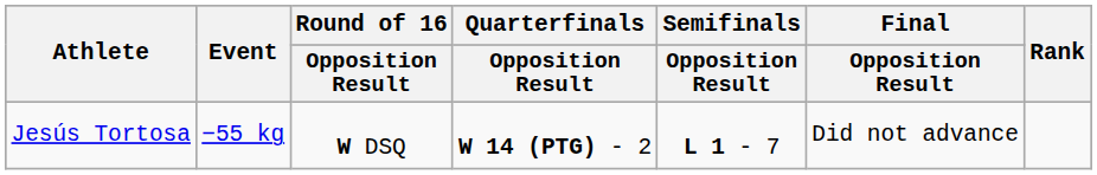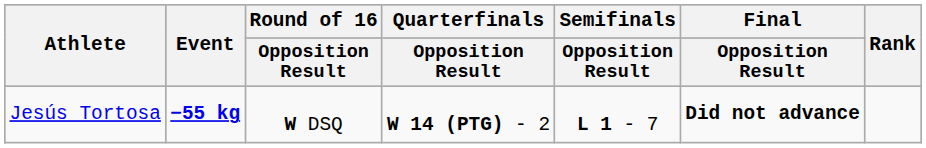 <table class="wikitable" style="font-size:90%;">
 <tr>
 <th rowspan=2>Athlete</th>
 <th rowspan=2>Event</th>
 <th>Round of 16</th>
 <th>Quarterfinals</th>
 <th>Semifinals</th>
 <th>Final</th>
 <th rowspan=2>Rank</th>
 </tr>
 <tr style="font-size:95%">
 <th>Opposition<br>Result</th>
 <th>Opposition<br>Result</th>
 <th>Opposition<br>Result</th>
 <th>Opposition<br>Result</th>
 </tr>
 <tr align=center>
 <td align=left><a href='#'>Jesús Tortosa</a></td>
-<td align=left><a href='#'>−55 kg</a></td>
+<td align=left><strong><a href='#'>−55 kg</a></strong></td>
 <td><br><strong>W</strong> DSQ</td>
 <td><br><strong>W</strong> <strong>14 (PTG)</strong> - 2</td>
 <td><br><strong>L</strong> <strong>1</strong> - 7</td>
-<td>Did not advance</td>
+<td><strong>Did not advance</strong></td>
 <td></td>
 </tr>
 </table>
